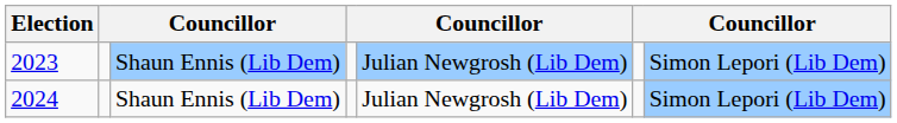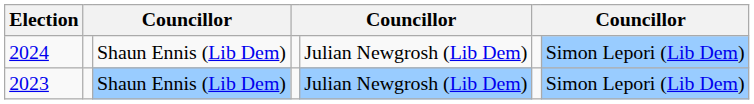 <table class="wikitable">
 <tr>
 <th>Election</th>
 <th colspan="2">Councillor</th>
 <th colspan="2">Councillor</th>
 <th colspan="2">Councillor</th>
+</tr>
+<tr>
+<td><a href='#'>2024</a></td>
+<td style="background-color: "></td>
+<td bgcolor=>Shaun Ennis  (<a href='#'>Lib Dem</a>)</td>
+<td style="background-color: "></td>
+<td bgcolor=>Julian Newgrosh (<a href='#'>Lib Dem</a>)</td>
+<td style="background-color: "></td>
+<td bgcolor="#99CCFF">Simon Lepori (<a href='#'>Lib Dem</a>)</td>
 </tr>
 <tr>
 <td><a href='#'>2023</a></td>
 <td style="background-color: "></td>
 <td bgcolor="#99CCFF">Shaun Ennis  (<a href='#'>Lib Dem</a>)</td>
 <td style="background-color: "></td>
 <td bgcolor="#99CCFF">Julian Newgrosh (<a href='#'>Lib Dem</a>)</td>
 <td style="background-color: "></td>
 <td bgcolor="#99CCFF">Simon Lepori (<a href='#'>Lib Dem</a>)</td>
 </tr>
-<tr>
-<td><a href='#'>2024</a></td>
-<td style="background-color: "></td>
-<td bgcolor=>Shaun Ennis  (<a href='#'>Lib Dem</a>)</td>
-<td style="background-color: "></td>
-<td bgcolor=>Julian Newgrosh (<a href='#'>Lib Dem</a>)</td>
-<td style="background-color: "></td>
-<td bgcolor="#99CCFF">Simon Lepori (<a href='#'>Lib Dem</a>)</td>
-</tr>
 </table>
